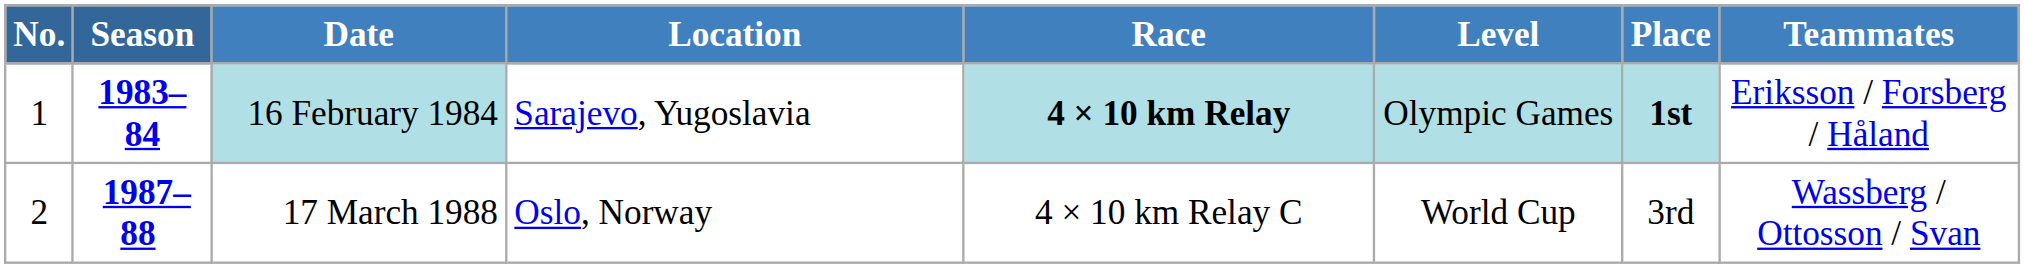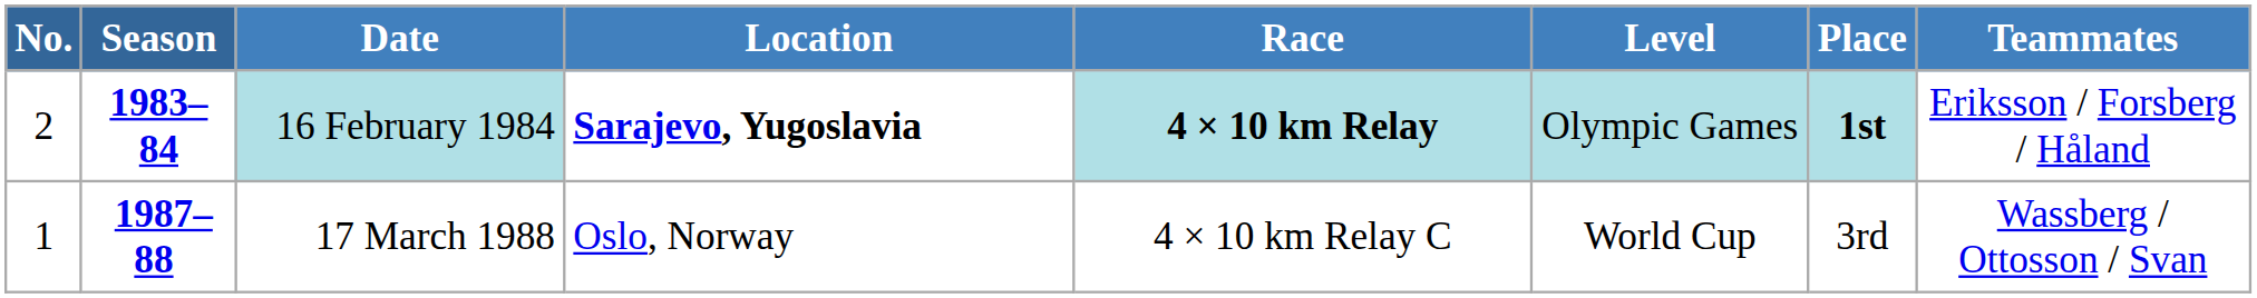 <table class="wikitable sortable" style="font-size:95%; text-align:center; border:grey solid 1px; border-collapse:collapse; background:#ffffff;">
 <tr style="background:#efefef;">
 <th style="background-color:#369; color:white;">No.</th>
 <th style="background-color:#369; color:white;">Season</th>
 <th style="background-color:#4180be; color:white; width:120px;">Date</th>
 <th style="background-color:#4180be; color:white; width:190px;">Location</th>
 <th style="background-color:#4180be; color:white; width:170px;">Race</th>
 <th style="background-color:#4180be; color:white; width:100px;">Level</th>
 <th style="background-color:#4180be; color:white;">Place</th>
 <th style="background-color:#4180be; color:white;">Teammates</th>
 </tr>
 <tr>
-<td align=center>1</td>
+<td align=center>2</td>
 <td rowspan=1 align=center><strong><a href='#'>1983–84</a></strong></td>
 <td bgcolor="#BOEOE6" align=right>16 February 1984</td>
-<td align=left> <a href='#'>Sarajevo</a>, Yugoslavia</td>
+<td align=left><strong> <a href='#'>Sarajevo</a>, Yugoslavia</strong></td>
 <td bgcolor="#BOEOE6"><strong>4 × 10 km Relay</strong></td>
 <td bgcolor="#BOEOE6">Olympic Games</td>
 <td bgcolor="#BOEOE6"><strong>1st</strong></td>
 <td><a href='#'>Eriksson</a> / <a href='#'>Forsberg</a> / <a href='#'>Håland</a></td>
 </tr>
 <tr>
-<td align=center>2</td>
+<td align=center>1</td>
 <td rowspan=1 align=center><strong> <a href='#'>1987–88</a> </strong></td>
 <td align=right>17 March 1988</td>
 <td align=left> <a href='#'>Oslo</a>, Norway</td>
 <td>4 × 10 km Relay C</td>
 <td>World Cup</td>
 <td>3rd</td>
 <td><a href='#'>Wassberg</a> / <a href='#'>Ottosson</a> / <a href='#'>Svan</a></td>
 </tr>
 </table>
